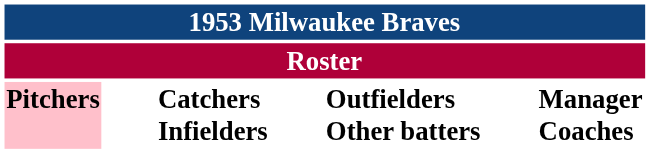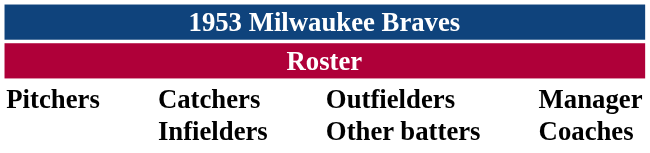 <table class="toccolours" style="font-size: 95%;">
 <tr>
 <th colspan="10" style="background-color: #0f437c; color: white; text-align: center;">1953 Milwaukee Braves</th>
 </tr>
 <tr>
 <td colspan="10" style="background-color: #af0039; color: white; text-align: center;"><strong>Roster</strong></td>
 </tr>
 <tr>
-<td valign="top" style="background: pink;"><strong>Pitchers</strong><br>             </td>
+<td valign="top"><strong>Pitchers</strong><br>             </td>
 <td width="25px"></td>
 <td valign="top"><strong>Catchers</strong><br>    <strong>Infielders</strong>        </td>
 <td width="25px"></td>
 <td valign="top"><strong>Outfielders</strong><br>     <strong>Other batters</strong> </td>
 <td width="25px"></td>
 <td valign="top"><strong>Manager</strong><br> <strong>Coaches</strong>   </td>
 </tr>
 </table>
